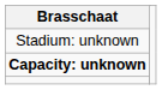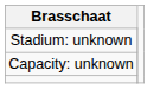 <table class="wikitable" style="text-align:center">
 <tr>
 <th colspan="2">Brasschaat</th>
 <td rowspan=4></td>
 </tr>
 <tr>
 <td>Stadium: unknown</td>
 </tr>
 <tr>
-<td><strong>Capacity: unknown</strong></td>
+<td>Capacity: unknown</td>
 </tr>
 <tr>
 <td></td>
 </tr>
 </table>
